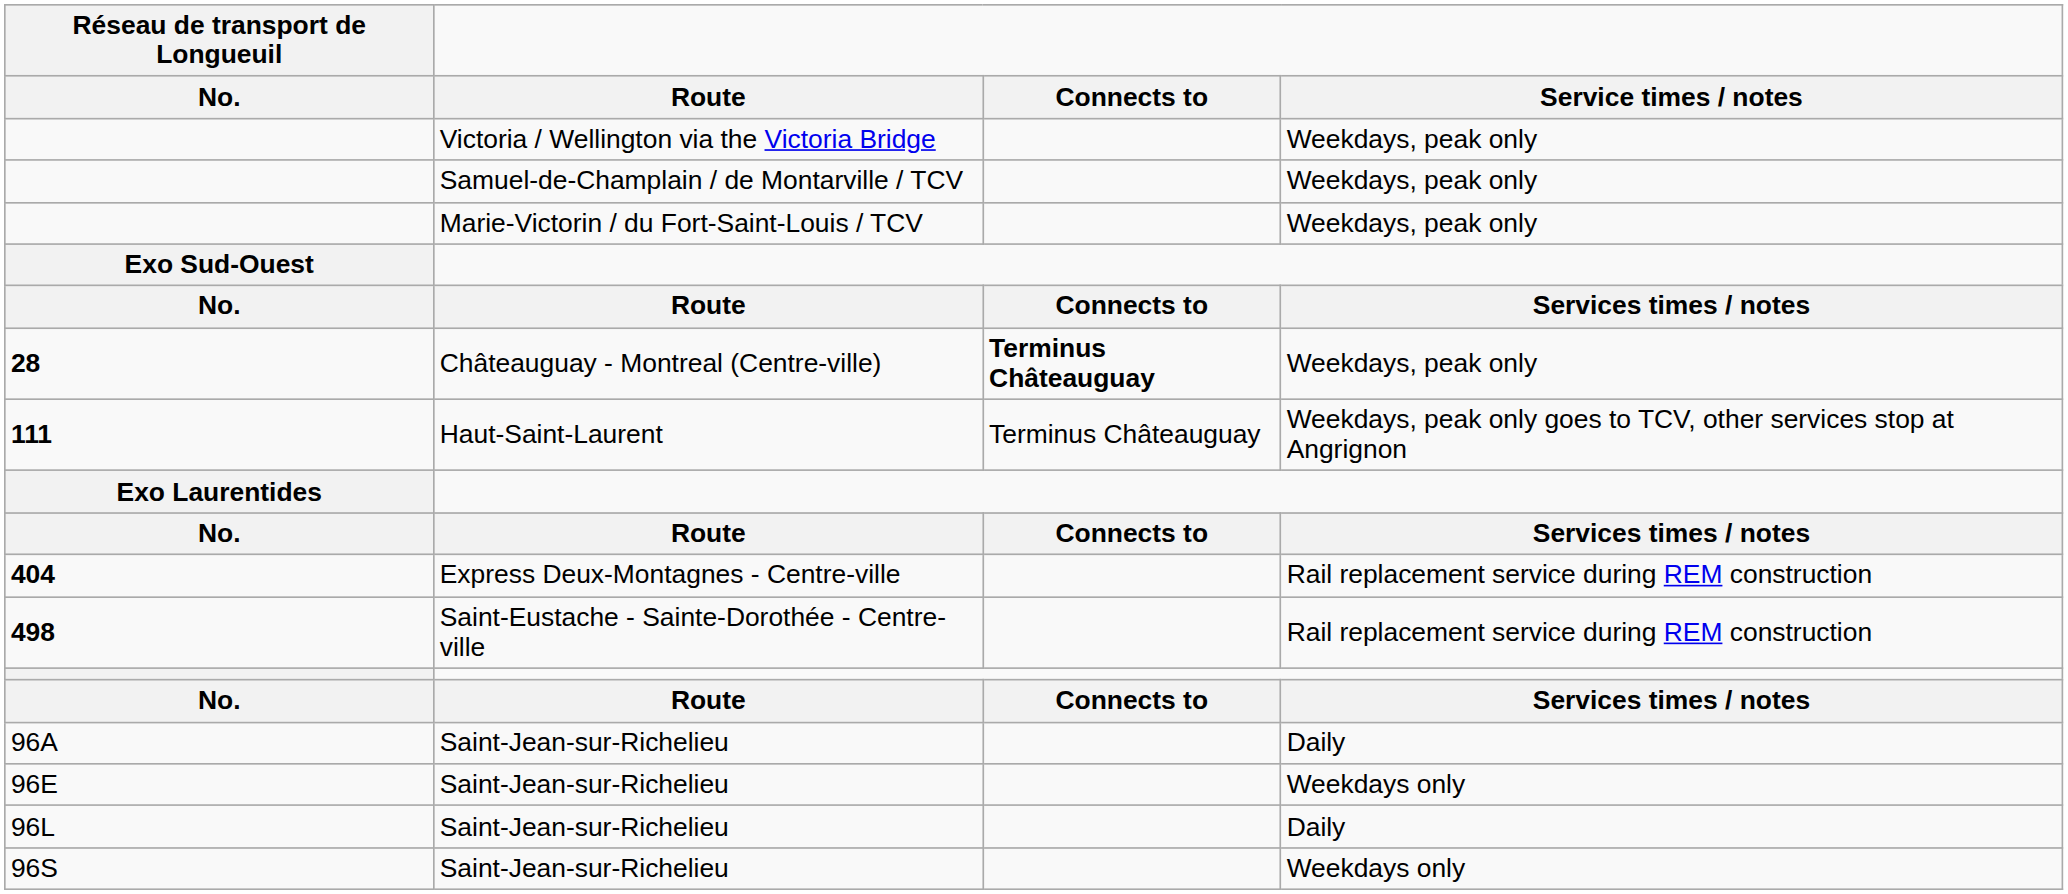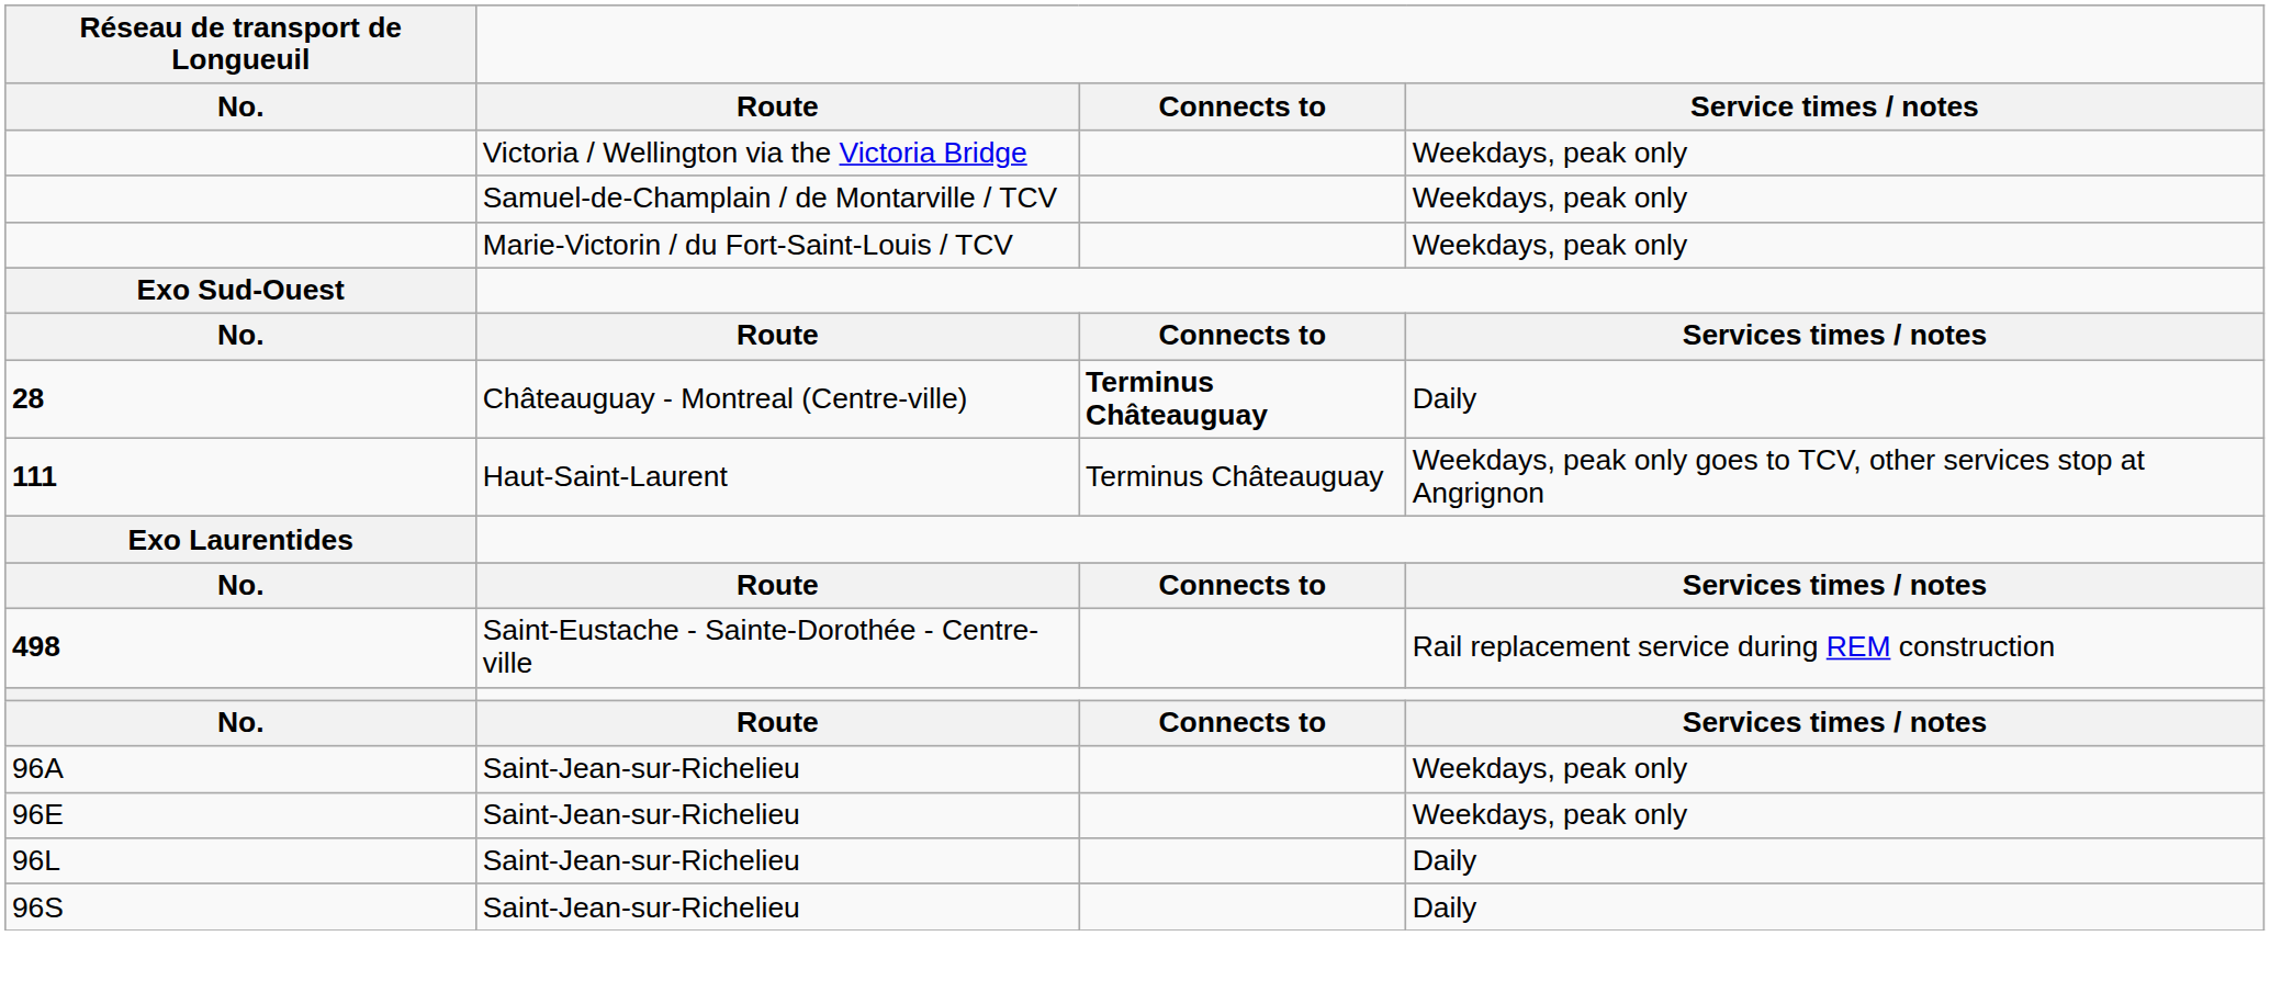 <table class="wikitable">
 <tr>
 <th style="background: #">Réseau de transport de Longueuil</th>
 </tr>
 <tr>
 <th>No.</th>
 <th>Route</th>
 <th>Connects to</th>
 <th>Service times / notes</th>
 </tr>
 <tr>
 <td></td>
 <td>Victoria / Wellington via the <a href='#'>Victoria Bridge</a></td>
 <td> </td>
 <td>Weekdays, peak only</td>
 </tr>
 <tr>
 <td></td>
 <td>Samuel-de-Champlain / de Montarville / TCV</td>
 <td></td>
 <td>Weekdays, peak only</td>
 </tr>
 <tr>
 <td></td>
 <td>Marie-Victorin / du Fort-Saint-Louis / TCV</td>
 <td></td>
 <td>Weekdays, peak only</td>
 </tr>
 <tr>
 <th style="background: #">Exo Sud-Ouest</th>
 </tr>
 <tr>
 <th>No.</th>
 <th>Route</th>
 <th>Connects to</th>
 <th>Services times / notes</th>
 </tr>
 <tr>
 <td {{border> <strong>28</strong></td>
 <td>Châteauguay - Montreal (Centre-ville)</td>
 <td><strong> Terminus Châteauguay</strong></td>
-<td>Weekdays, peak only</td>
+<td>Daily</td>
 </tr>
 <tr>
 <td {{border> <strong>111</strong></td>
 <td>Haut-Saint-Laurent</td>
 <td> Terminus Châteauguay</td>
 <td>Weekdays, peak only goes to TCV, other services stop at Angrignon</td>
 </tr>
 <tr>
 <th style="background: #">Exo Laurentides</th>
 </tr>
 <tr>
 <th>No.</th>
 <th>Route</th>
 <th>Connects to</th>
 <th>Services times / notes</th>
-</tr>
-<tr>
-<td {{border> <strong>404</strong></td>
-<td>Express Deux-Montagnes - Centre-ville</td>
-<td></td>
-<td>Rail replacement service during <a href='#'>REM</a> construction</td>
 </tr>
 <tr>
 <td {{border> <strong>498</strong></td>
 <td>Saint-Eustache - Sainte-Dorothée - Centre-ville</td>
 <td></td>
 <td>Rail replacement service during <a href='#'>REM</a> construction</td>
 </tr>
 <tr>
 <th style="background: #"></th>
 </tr>
 <tr>
 <th>No.</th>
 <th>Route</th>
 <th>Connects to</th>
 <th>Services times / notes</th>
 </tr>
 <tr>
 <td>96A</td>
 <td>Saint-Jean-sur-Richelieu</td>
 <td></td>
-<td>Daily</td>
+<td>Weekdays, peak only</td>
 </tr>
 <tr>
 <td>96E</td>
 <td>Saint-Jean-sur-Richelieu</td>
 <td></td>
-<td>Weekdays only</td>
+<td>Weekdays, peak only</td>
 </tr>
 <tr>
 <td>96L</td>
 <td>Saint-Jean-sur-Richelieu</td>
 <td></td>
 <td>Daily</td>
 </tr>
 <tr>
 <td>96S</td>
 <td>Saint-Jean-sur-Richelieu</td>
 <td></td>
-<td>Weekdays only</td>
+<td>Daily</td>
 </tr>
 </table>
